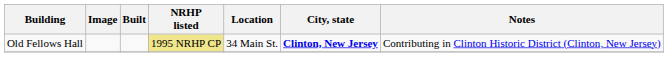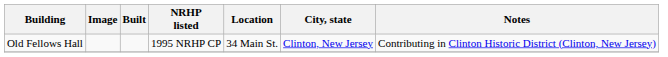 <table class="wikitable sortable">
 <tr>
 <th>Building<br></th>
 <th class="unsortable">Image</th>
 <th>Built</th>
 <th>NRHP<br>listed</th>
 <th>Location</th>
 <th>City, state</th>
 <th class="unsortable">Notes</th>
 </tr>
 <tr>
 <td>Old Fellows Hall</td>
 <td></td>
 <td></td>
-<td style="background: khaki;">1995 NRHP CP</td>
+<td>1995 NRHP CP</td>
 <td>34 Main St.</td>
-<td><strong><a href='#'>Clinton, New Jersey</a></strong></td>
+<td><a href='#'>Clinton, New Jersey</a></td>
 <td>Contributing in <a href='#'>Clinton Historic District (Clinton, New Jersey)</a></td>
 </tr>
 <tr>
 </tr>
 </table>
